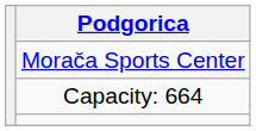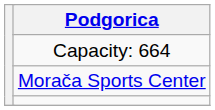 <table class="wikitable" style="text-align:center">
 <tr>
 <th rowspan="4" colspan="2"></th>
 <th><a href='#'>Podgorica</a></th>
 </tr>
 <tr>
-<td><a href='#'>Morača Sports Center</a></td>
+<td>Capacity: 664</td>
 </tr>
 <tr>
-<td>Capacity: 664</td>
+<td><a href='#'>Morača Sports Center</a></td>
 </tr>
 <tr>
 <td></td>
 </tr>
 <tr>
 </tr>
 </table>
